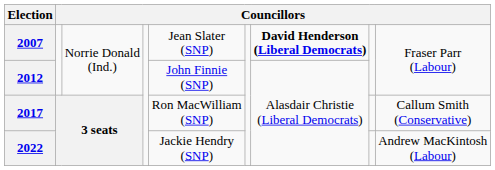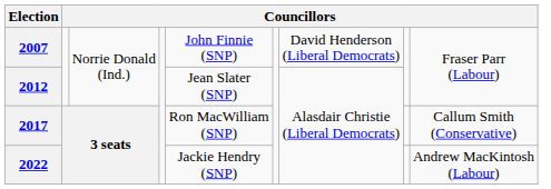 <table class="wikitable" style="text-align:center">
 <tr>
 <th>Election</th>
 <th colspan=8>Councillors</th>
 </tr>
 <tr>
 <th><a href='#'>2007</a></th>
 <td rowspan=2; style="background-color: "></td>
 <td rowspan=2>Norrie Donald<br>(Ind.)</td>
 <td rowspan=4; style="background-color: "></td>
-<td rowspan=1>Jean Slater<br>(<a href='#'>SNP</a>)</td>
+<td rowspan=1><a href='#'>John Finnie</a><br>(<a href='#'>SNP</a>)</td>
 <td rowspan=4; style="background-color: "></td>
-<td rowspan=1><strong>David Henderson<br>(<a href='#'>Liberal Democrats</a>)</strong></td>
+<td rowspan=1>David Henderson<br>(<a href='#'>Liberal Democrats</a>)</td>
 <td rowspan=2; style="background-color: "></td>
 <td rowspan=2>Fraser Parr<br>(<a href='#'>Labour</a>)</td>
 </tr>
 <tr>
 <th><a href='#'>2012</a></th>
-<td rowspan=1><a href='#'>John Finnie</a><br>(<a href='#'>SNP</a>)</td>
+<td rowspan=1>Jean Slater<br>(<a href='#'>SNP</a>)</td>
 <td rowspan=3>Alasdair Christie<br>(<a href='#'>Liberal Democrats</a>)</td>
 </tr>
 <tr>
 <th><a href='#'>2017</a></th>
 <th colspan=2; rowspan=2>3 seats</th>
 <td rowspan=1>Ron MacWilliam<br>(<a href='#'>SNP</a>)</td>
 <td rowspan=1; style="background-color: "></td>
 <td rowspan=1>Callum Smith<br>(<a href='#'>Conservative</a>)</td>
 </tr>
 <tr>
 <th><a href='#'>2022</a></th>
 <td rowspan=1>Jackie Hendry<br>(<a href='#'>SNP</a>)</td>
 <td rowspan=1; style="background-color: "></td>
 <td rowspan=1>Andrew MacKintosh<br>(<a href='#'>Labour</a>)</td>
 </tr>
 </table>
